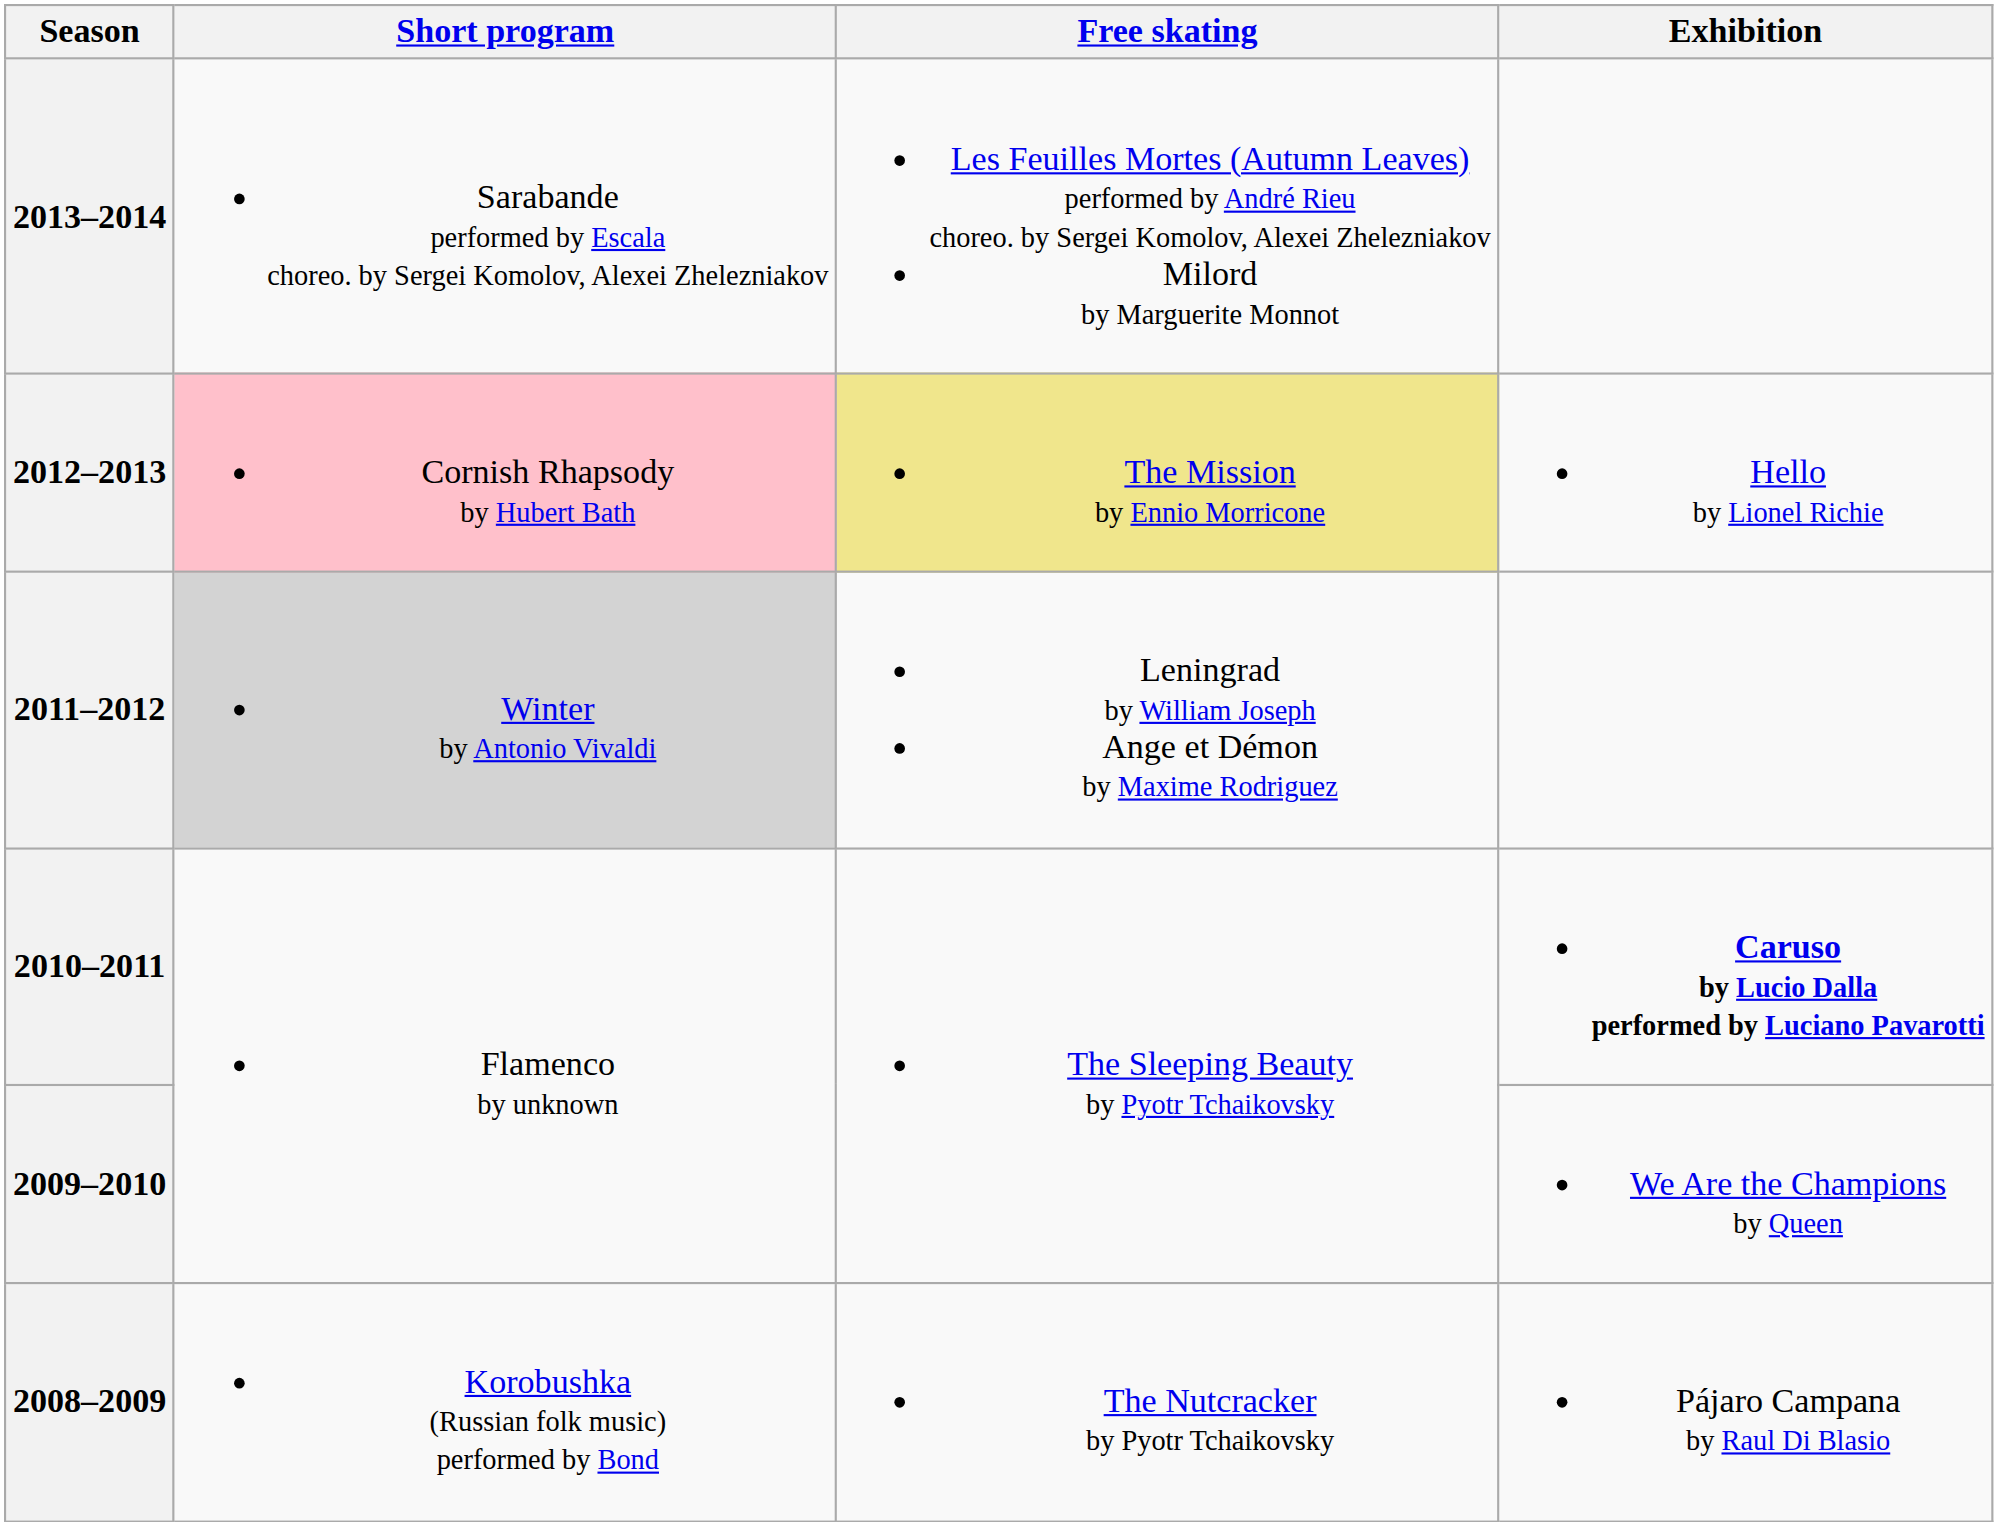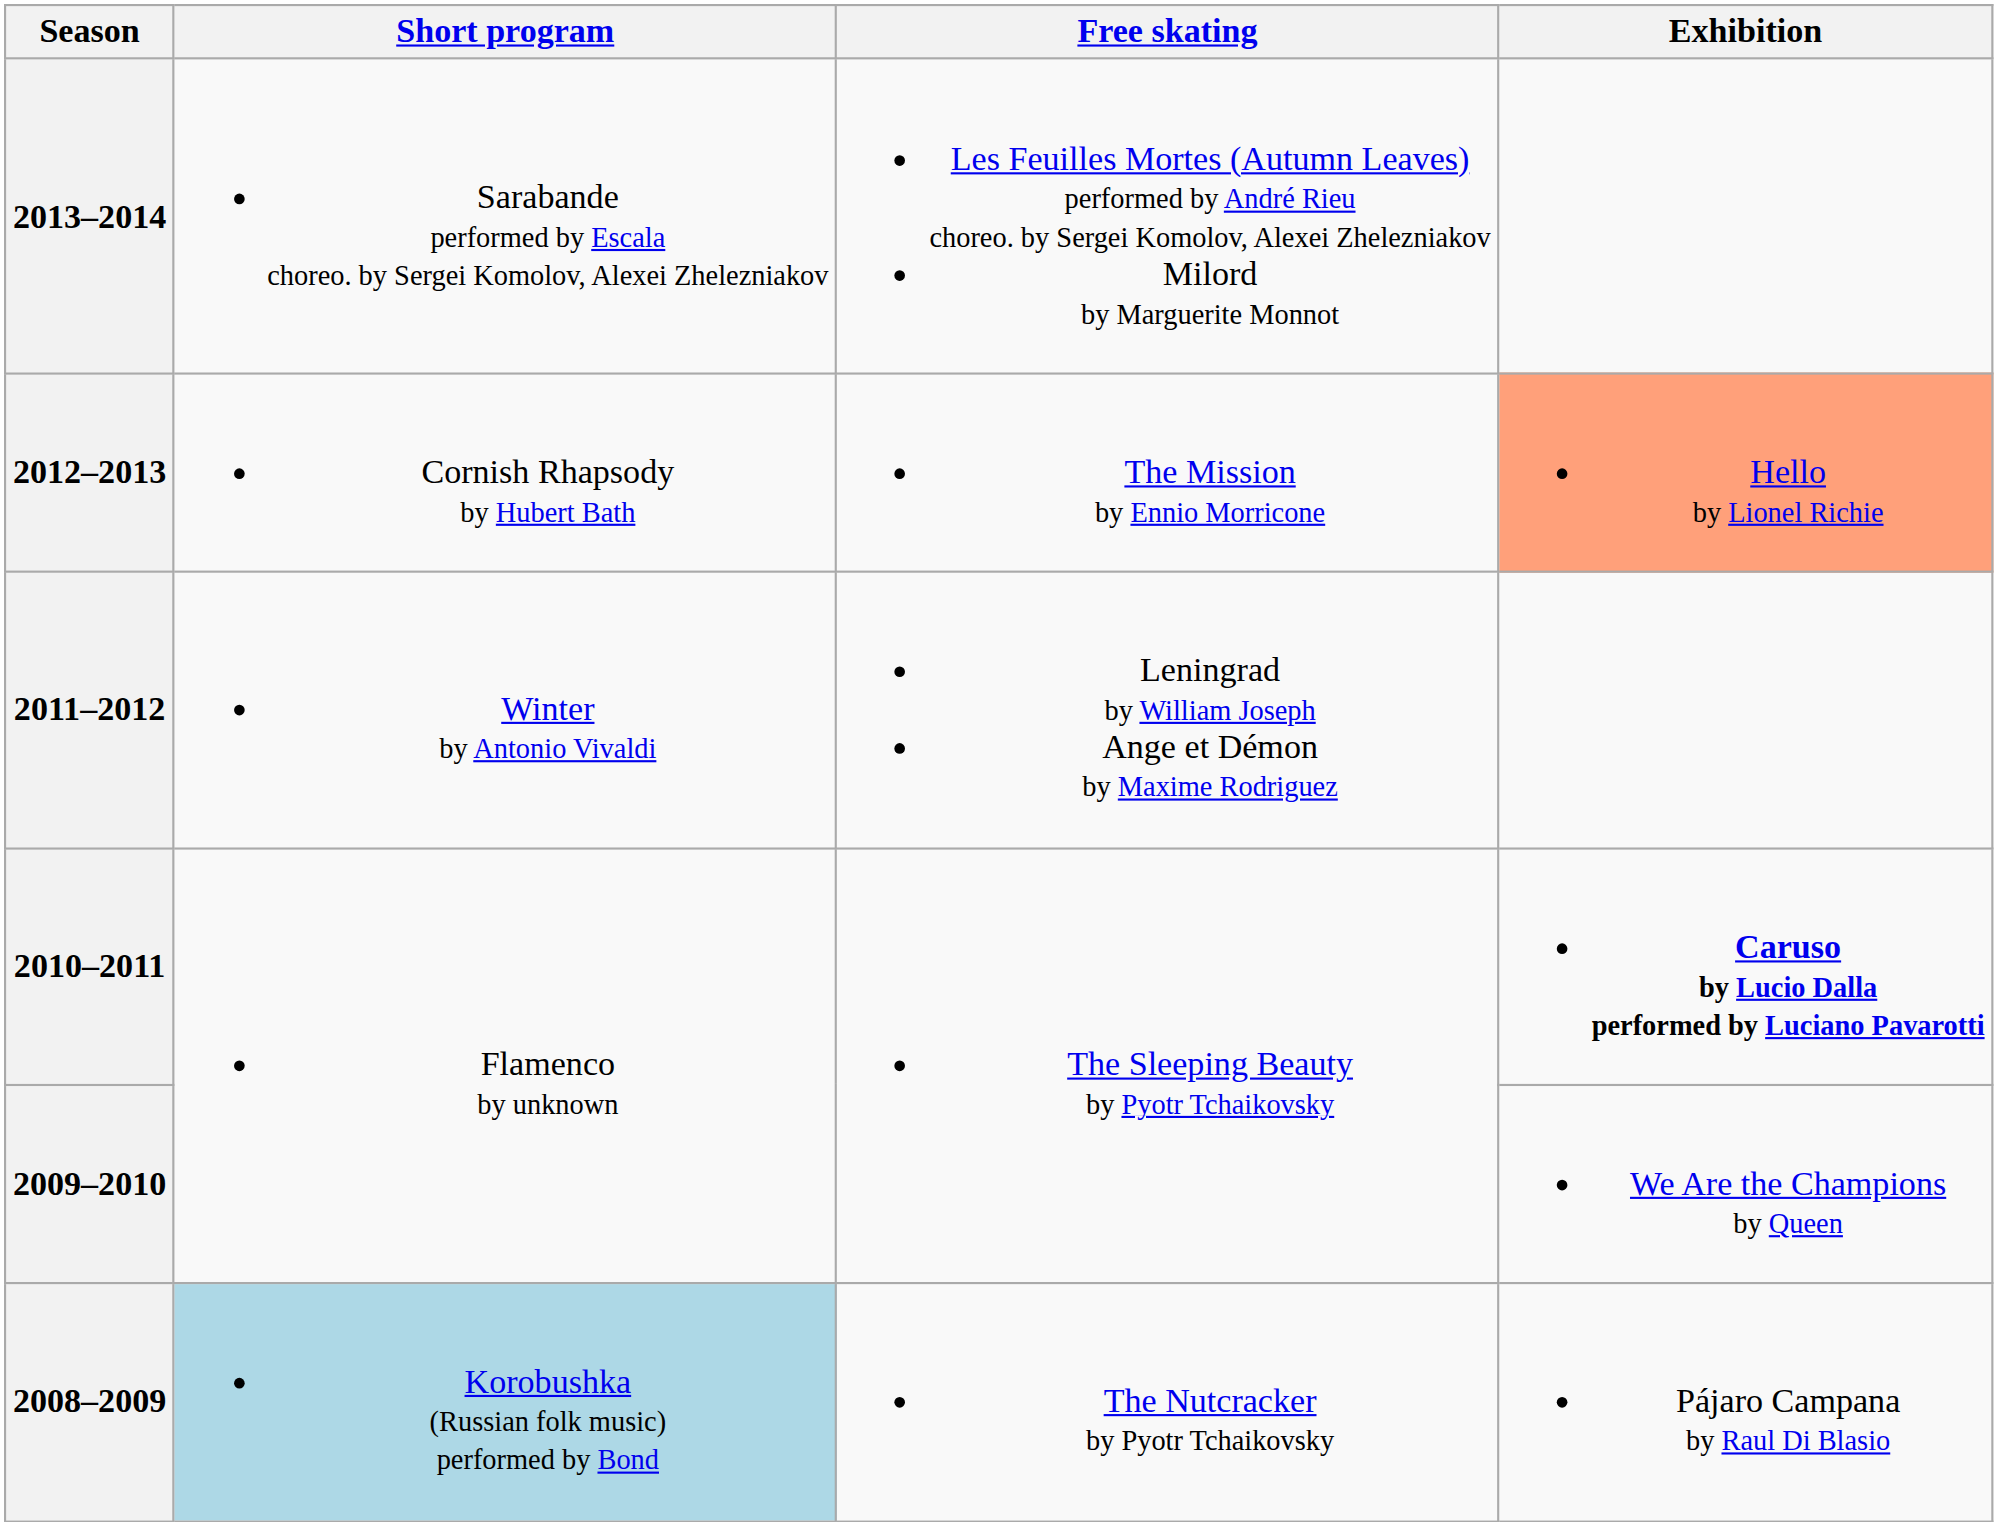 <table class="wikitable" style="text-align:center">
 <tr>
 <th>Season</th>
 <th><a href='#'>Short program</a></th>
 <th><a href='#'>Free skating</a></th>
 <th>Exhibition</th>
 </tr>
 <tr>
 <th>2013–2014 <br> </th>
 <td><br><ul><li>Sarabande <br><small> performed by <a href='#'>Escala</a> <br> choreo. by Sergei Komolov, Alexei Zhelezniakov </small></li></ul></td>
 <td><br><ul><li><a href='#'>Les Feuilles Mortes (Autumn Leaves)</a> <br><small> performed by <a href='#'>André Rieu</a> <br> choreo. by Sergei Komolov, Alexei Zhelezniakov </small></li><li>Milord <br><small> by Marguerite Monnot </small></li></ul></td>
 <td></td>
 </tr>
 <tr>
 <th>2012–2013 <br> </th>
-<td style="background: pink;"><br><ul><li>Cornish Rhapsody <br><small> by <a href='#'>Hubert Bath</a> </small></li></ul></td>
-<td style="background: khaki;"><br><ul><li><a href='#'>The Mission</a> <br><small> by <a href='#'>Ennio Morricone</a> </small></li></ul></td>
-<td><br><ul><li><a href='#'>Hello</a> <br><small> by <a href='#'>Lionel Richie</a> </small></li></ul></td>
+<td><br><ul><li>Cornish Rhapsody <br><small> by <a href='#'>Hubert Bath</a> </small></li></ul></td>
+<td><br><ul><li><a href='#'>The Mission</a> <br><small> by <a href='#'>Ennio Morricone</a> </small></li></ul></td>
+<td style="background: lightsalmon;"><br><ul><li><a href='#'>Hello</a> <br><small> by <a href='#'>Lionel Richie</a> </small></li></ul></td>
 </tr>
 <tr>
 <th>2011–2012</th>
-<td style="background: lightgrey;"><br><ul><li><a href='#'>Winter</a> <br><small> by <a href='#'>Antonio Vivaldi</a> </small></li></ul></td>
+<td><br><ul><li><a href='#'>Winter</a> <br><small> by <a href='#'>Antonio Vivaldi</a> </small></li></ul></td>
 <td><br><ul><li>Leningrad <br><small> by <a href='#'>William Joseph</a> </small></li><li>Ange et Démon <br><small> by <a href='#'>Maxime Rodriguez</a> </small></li></ul></td>
 <td></td>
 </tr>
 <tr>
 <th>2010–2011 <br> </th>
 <td rowspan=2><br><ul><li>Flamenco <br><small> by unknown </small></li></ul></td>
 <td rowspan=2><br><ul><li><a href='#'>The Sleeping Beauty</a> <br><small> by <a href='#'>Pyotr Tchaikovsky</a> </small></li></ul></td>
 <td><strong><br><ul><li><a href='#'>Caruso</a> <br><small> by <a href='#'>Lucio Dalla</a> <br> performed by <a href='#'>Luciano Pavarotti</a> </small></li></ul></strong></td>
 </tr>
 <tr>
 <th>2009–2010</th>
 <td><br><ul><li><a href='#'>We Are the Champions</a> <br><small> by <a href='#'>Queen</a> </small></li></ul></td>
 </tr>
 <tr>
 <th>2008–2009 <br> </th>
-<td><br><ul><li><a href='#'>Korobushka</a> <br><small> (Russian folk music) <br> performed by <a href='#'>Bond</a> </small></li></ul></td>
+<td style="background: lightblue;"><br><ul><li><a href='#'>Korobushka</a> <br><small> (Russian folk music) <br> performed by <a href='#'>Bond</a> </small></li></ul></td>
 <td><br><ul><li><a href='#'>The Nutcracker</a> <br><small> by Pyotr Tchaikovsky </small></li></ul></td>
 <td><br><ul><li>Pájaro Campana <br><small> by <a href='#'>Raul Di Blasio</a> </small></li></ul></td>
 </tr>
 </table>
